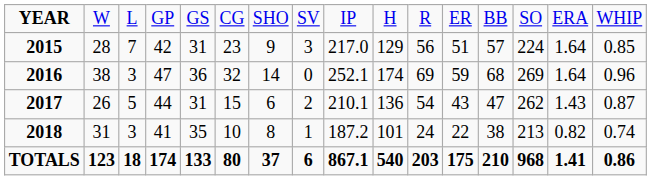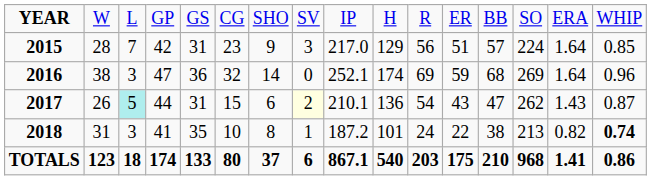 <table class="wikitable">
 <tr align=center>
 <td><strong>YEAR</strong></td>
 <td><a href='#'>W</a></td>
 <td><a href='#'>L</a></td>
 <td><a href='#'>GP</a></td>
 <td><a href='#'>GS</a></td>
 <td><a href='#'>CG</a></td>
 <td><a href='#'>SHO</a></td>
 <td><a href='#'>SV</a></td>
 <td><a href='#'>IP</a></td>
 <td><a href='#'>H</a></td>
 <td><a href='#'>R</a></td>
 <td><a href='#'>ER</a></td>
 <td><a href='#'>BB</a></td>
 <td><a href='#'>SO</a></td>
 <td><a href='#'>ERA</a></td>
 <td><a href='#'>WHIP</a></td>
 </tr>
 <tr align=center>
 <td><strong>2015</strong></td>
 <td>28</td>
 <td>7</td>
 <td>42</td>
 <td>31</td>
 <td>23</td>
 <td>9</td>
 <td>3</td>
 <td>217.0</td>
 <td>129</td>
 <td>56</td>
 <td>51</td>
 <td>57</td>
 <td>224</td>
 <td>1.64</td>
 <td>0.85</td>
 </tr>
 <tr align=center>
 <td><strong>2016</strong></td>
 <td>38</td>
 <td>3</td>
 <td>47</td>
 <td>36</td>
 <td>32</td>
 <td>14</td>
 <td>0</td>
 <td>252.1</td>
 <td>174</td>
 <td>69</td>
 <td>59</td>
 <td>68</td>
 <td>269</td>
 <td>1.64</td>
 <td>0.96</td>
 </tr>
 <tr align=center>
 <td><strong>2017</strong></td>
 <td>26</td>
-<td>5</td>
+<td style="background: paleturquoise;">5</td>
 <td>44</td>
 <td>31</td>
 <td>15</td>
 <td>6</td>
-<td>2</td>
+<td style="background: lightyellow;">2</td>
 <td>210.1</td>
 <td>136</td>
 <td>54</td>
 <td>43</td>
 <td>47</td>
 <td>262</td>
 <td>1.43</td>
 <td>0.87</td>
 </tr>
 <tr align=center>
 <td><strong>2018</strong></td>
 <td>31</td>
 <td>3</td>
 <td>41</td>
 <td>35</td>
 <td>10</td>
 <td>8</td>
 <td>1</td>
 <td>187.2</td>
 <td>101</td>
 <td>24</td>
 <td>22</td>
 <td>38</td>
 <td>213</td>
 <td>0.82</td>
-<td>0.74</td>
+<td><strong>0.74</strong></td>
 </tr>
 <tr align=center>
 <td><strong>TOTALS</strong></td>
 <td><strong>123</strong></td>
 <td><strong>18</strong></td>
 <td><strong>174</strong></td>
 <td><strong>133</strong></td>
 <td><strong>80</strong></td>
 <td><strong>37</strong></td>
 <td><strong>6</strong></td>
 <td><strong>867.1</strong></td>
 <td><strong>540</strong></td>
 <td><strong>203</strong></td>
 <td><strong>175</strong></td>
 <td><strong>210</strong></td>
 <td><strong>968</strong></td>
 <td><strong>1.41</strong></td>
 <td><strong>0.86</strong></td>
 </tr>
 </table>
